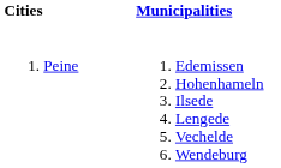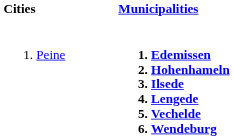 <table>
 <tr>
 <th align=left width=50%>Cities</th>
 <th align=left width=50%><a href='#'>Municipalities</a></th>
 </tr>
 <tr valign=top>
 <td><br><ol><li><a href='#'>Peine</a></li></ol></td>
-<td><br><ol><li><a href='#'>Edemissen</a></li><li><a href='#'>Hohenhameln</a></li><li><a href='#'>Ilsede</a></li><li><a href='#'>Lengede</a></li><li><a href='#'>Vechelde</a></li><li><a href='#'>Wendeburg</a></li></ol></td>
+<td><strong><br><ol><li><a href='#'>Edemissen</a></li><li><a href='#'>Hohenhameln</a></li><li><a href='#'>Ilsede</a></li><li><a href='#'>Lengede</a></li><li><a href='#'>Vechelde</a></li><li><a href='#'>Wendeburg</a></li></ol></strong></td>
 </tr>
 </table>
